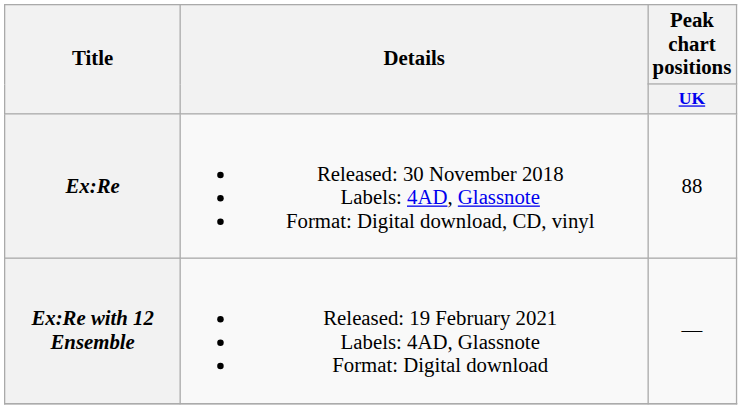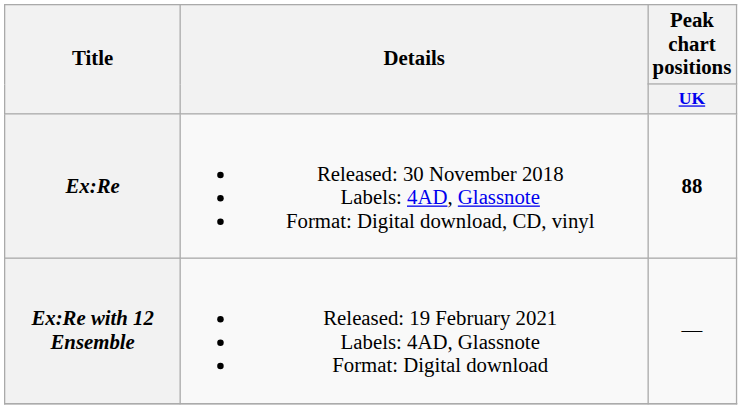 <table class="wikitable plainrowheaders" style="text-align:center;">
 <tr>
 <th scope="col" rowspan="2" style="width:8em;">Title</th>
 <th scope="col" rowspan="2" style="width:22em;">Details</th>
 <th scope="col" colspan="2">Peak<br>chart<br>positions</th>
 </tr>
 <tr>
 <th scope="col" style="width:3em;font-size:85%;"><a href='#'>UK</a><br></th>
 </tr>
 <tr>
 <th scope="row"><em>Ex:Re</em></th>
 <td><br><ul><li>Released: 30 November 2018</li><li>Labels: <a href='#'>4AD</a>, <a href='#'>Glassnote</a></li><li>Format: Digital download, CD, vinyl</li></ul></td>
-<td>88</td>
+<td><strong>88</strong></td>
 </tr>
 <tr>
 <th scope="row"><em>Ex:Re with 12 Ensemble</em></th>
 <td><br><ul><li>Released: 19 February 2021</li><li>Labels: 4AD, Glassnote</li><li>Format: Digital download</li></ul></td>
 <td>—</td>
 </tr>
 <tr>
 </tr>
 </table>
